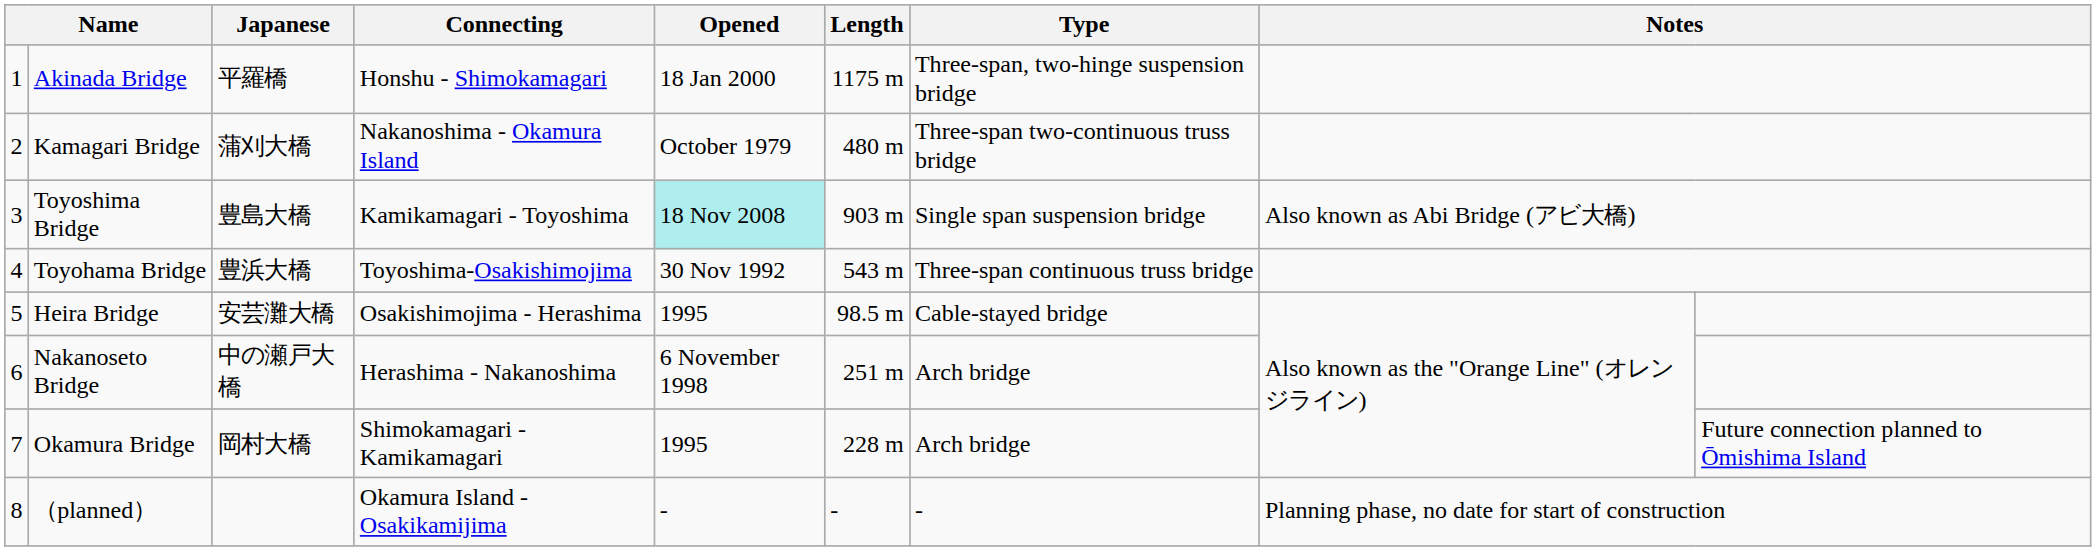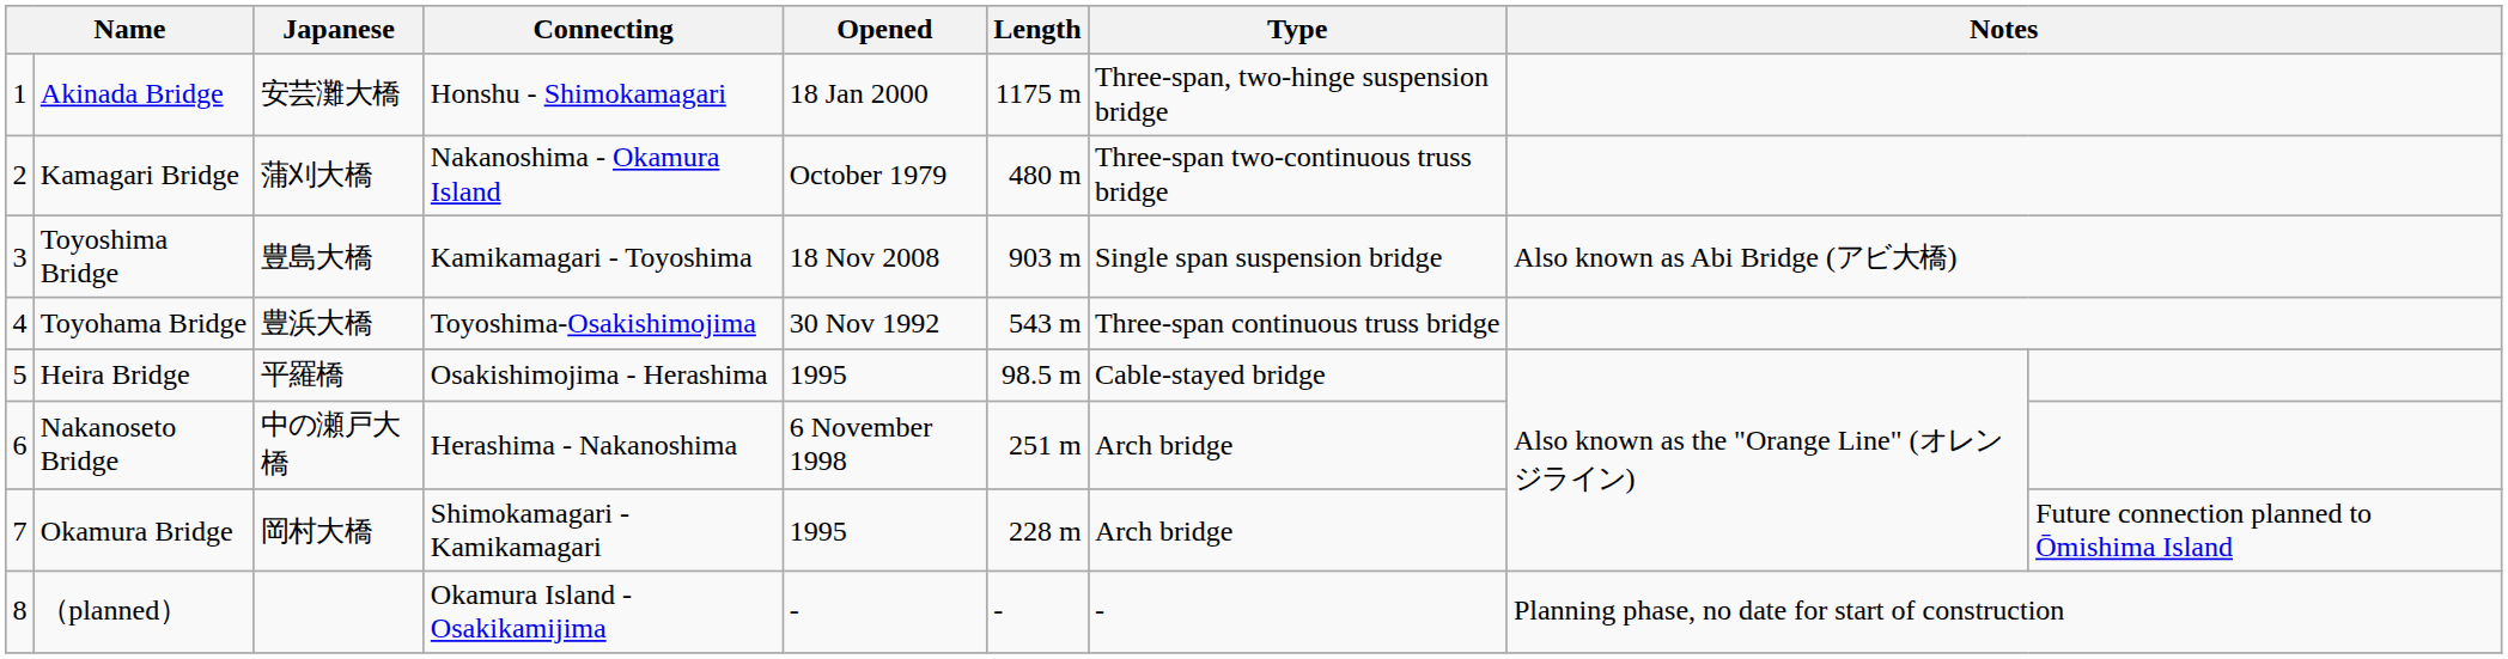 <table class="wikitable" style="font-size:90%;">
 <tr>
 <th colspan="2">Name</th>
 <th>Japanese</th>
 <th>Connecting</th>
 <th>Opened</th>
 <th>Length</th>
 <th>Type</th>
 <th colspan="2">Notes</th>
 </tr>
 <tr>
 <td>1</td>
 <td><a href='#'>Akinada Bridge</a></td>
-<td>平羅橋</td>
+<td>安芸灘大橋</td>
 <td>Honshu - <a href='#'>Shimokamagari</a></td>
 <td>18 Jan 2000</td>
 <td style="text-align:right;">1175 m</td>
 <td>Three-span, two-hinge suspension bridge</td>
 <td colspan="2"></td>
 </tr>
 <tr>
 <td>2</td>
 <td>Kamagari Bridge</td>
 <td>蒲刈大橋</td>
 <td>Nakanoshima - <a href='#'>Okamura Island</a></td>
 <td>October 1979</td>
 <td style="text-align:right;">480 m</td>
 <td>Three-span two-continuous truss bridge</td>
 <td colspan="2"></td>
 </tr>
 <tr>
 <td>3</td>
 <td>Toyoshima Bridge</td>
 <td>豊島大橋</td>
 <td>Kamikamagari - Toyoshima</td>
-<td style="background: paleturquoise;">18 Nov 2008</td>
+<td>18 Nov 2008</td>
 <td style="text-align:right;">903 m</td>
 <td>Single span suspension bridge</td>
 <td colspan="2">Also known as Abi Bridge (アビ大橋)<br></td>
 </tr>
 <tr>
 <td>4</td>
 <td>Toyohama Bridge</td>
 <td>豊浜大橋</td>
 <td>Toyoshima-<a href='#'>Osakishimojima</a></td>
 <td>30 Nov 1992</td>
 <td style="text-align:right;">543 m</td>
 <td>Three-span continuous truss bridge</td>
 <td colspan="2"></td>
 </tr>
 <tr>
 <td>5</td>
 <td>Heira Bridge</td>
-<td>安芸灘大橋</td>
+<td>平羅橋</td>
 <td>Osakishimojima - Herashima</td>
 <td>1995</td>
 <td style="text-align:right;">98.5 m</td>
 <td>Cable-stayed bridge</td>
 <td rowspan="3">Also known as the "Orange Line" (オレンジライン)</td>
 <td></td>
 </tr>
 <tr>
 <td>6</td>
 <td>Nakanoseto Bridge</td>
 <td>中の瀬戸大橋</td>
 <td>Herashima - Nakanoshima</td>
 <td>6 November 1998</td>
 <td style="text-align:right;">251 m</td>
 <td>Arch bridge</td>
 <td></td>
 </tr>
 <tr>
 <td>7</td>
 <td>Okamura Bridge</td>
 <td>岡村大橋</td>
 <td>Shimokamagari - Kamikamagari</td>
 <td>1995</td>
 <td style="text-align:right;">228 m</td>
 <td>Arch bridge</td>
 <td>Future connection planned to <a href='#'>Ōmishima Island</a></td>
 </tr>
 <tr>
 <td>8</td>
 <td>（planned）</td>
 <td></td>
 <td>Okamura Island - <a href='#'>Osakikamijima</a></td>
 <td>-</td>
 <td>-</td>
 <td>-</td>
 <td colspan="2">Planning phase, no date for start of construction</td>
 </tr>
 </table>
